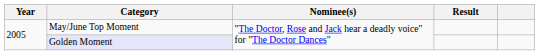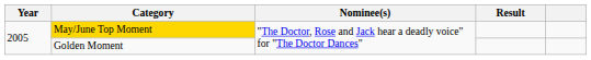 <table class="wikitable" style="width:70%">
 <tr>
 <th style="width:8%">Year</th>
 <th style="width:35%">Category</th>
 <th style="width:38%">Nominee(s)</th>
 <th style="width:12%">Result</th>
 <th style="width:7%"></th>
 </tr>
 <tr>
 <td rowspan="2">2005</td>
-<td>May/June Top Moment</td>
+<td style="background: gold;">May/June Top Moment</td>
 <td rowspan="2">"<a href='#'>The Doctor</a>, <a href='#'>Rose</a> and <a href='#'>Jack</a> hear a deadly voice" for "<a href='#'>The Doctor Dances</a>"</td>
 <td></td>
 <td></td>
 </tr>
 <tr>
-<td style="background: lavender;">Golden Moment</td>
+<td>Golden Moment</td>
 <td></td>
 <td></td>
 </tr>
 </table>
